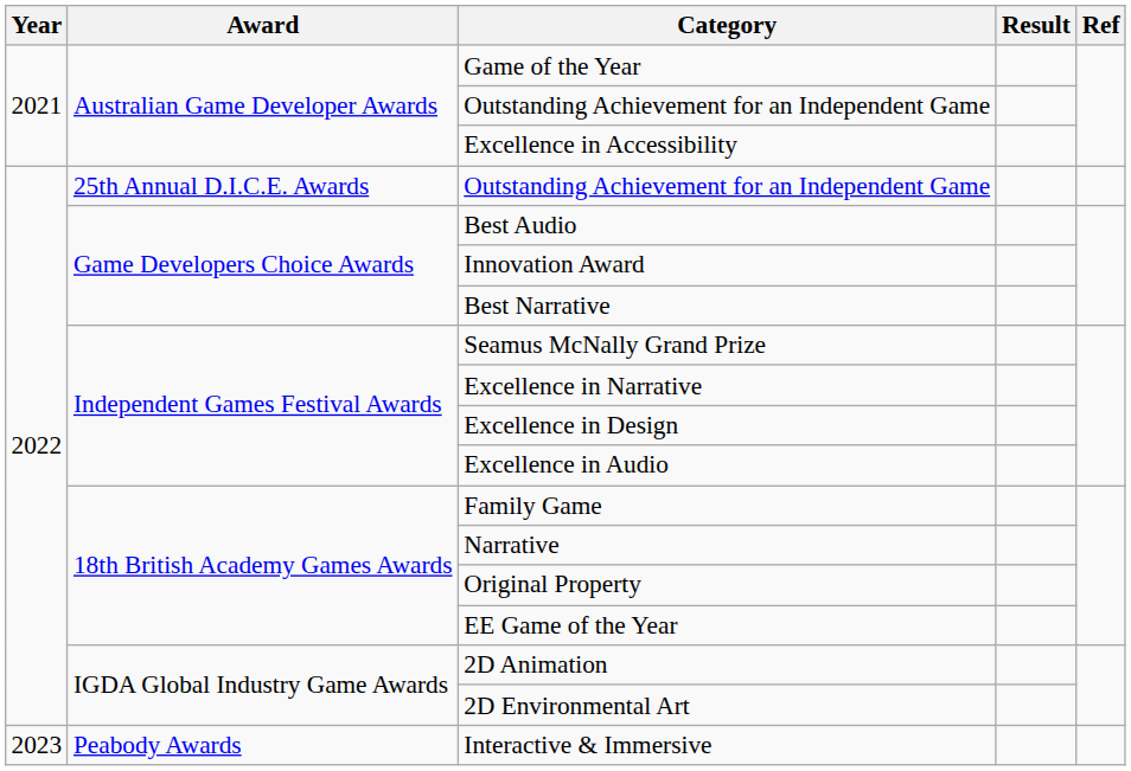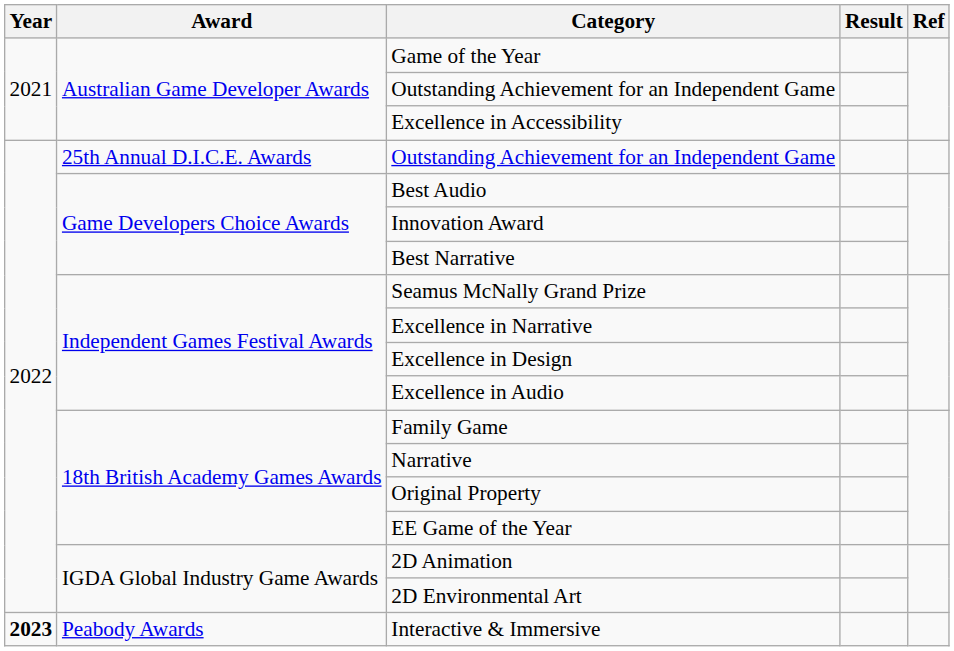 <table class="wikitable sortable">
 <tr>
 <th>Year</th>
 <th>Award</th>
 <th>Category</th>
 <th>Result</th>
 <th>Ref</th>
 </tr>
 <tr>
 <td rowspan="3" style="text-align:center;">2021</td>
 <td rowspan="3"><a href='#'>Australian Game Developer Awards</a></td>
 <td>Game of the Year</td>
 <td></td>
 <td rowspan="3" style="text-align:center;"></td>
 </tr>
 <tr>
 <td>Outstanding Achievement for an Independent Game</td>
 <td></td>
 </tr>
 <tr>
 <td>Excellence in Accessibility</td>
 <td></td>
 </tr>
 <tr>
 <td rowspan="14" style="text-align:center;">2022</td>
 <td><a href='#'>25th Annual D.I.C.E. Awards</a></td>
 <td><a href='#'>Outstanding Achievement for an Independent Game</a></td>
 <td></td>
 <td style="text-align:center;"></td>
 </tr>
 <tr>
 <td rowspan="3"><a href='#'>Game Developers Choice Awards</a></td>
 <td>Best Audio</td>
 <td></td>
 <td rowspan="3" style="text-align:center;"></td>
 </tr>
 <tr>
 <td>Innovation Award</td>
 <td></td>
 </tr>
 <tr>
 <td>Best Narrative</td>
 <td></td>
 </tr>
 <tr>
 <td rowspan="4"><a href='#'>Independent Games Festival Awards</a></td>
 <td>Seamus McNally Grand Prize</td>
 <td></td>
 <td rowspan="4" style="text-align:center;"></td>
 </tr>
 <tr>
 <td>Excellence in Narrative</td>
 <td></td>
 </tr>
 <tr>
 <td>Excellence in Design</td>
 <td></td>
 </tr>
 <tr>
 <td>Excellence in Audio</td>
 <td></td>
 </tr>
 <tr>
 <td rowspan="4"><a href='#'>18th British Academy Games Awards</a></td>
 <td>Family Game</td>
 <td></td>
 <td rowspan="4" style="text-align:center;"></td>
 </tr>
 <tr>
 <td>Narrative</td>
 <td></td>
 </tr>
 <tr>
 <td>Original Property</td>
 <td></td>
 </tr>
 <tr>
 <td>EE Game of the Year</td>
 <td></td>
 </tr>
 <tr>
 <td rowspan="2">IGDA Global Industry Game Awards</td>
 <td>2D Animation</td>
 <td></td>
 <td rowspan="2" style="text-align:center;"></td>
 </tr>
 <tr>
 <td>2D Environmental Art</td>
 <td></td>
 </tr>
 <tr>
-<td style="text-align:center;">2023</td>
+<td style="text-align:center;"><strong>2023</strong></td>
 <td><a href='#'>Peabody Awards</a></td>
 <td>Interactive & Immersive</td>
 <td></td>
 <td style="text-align:center;"></td>
 </tr>
 </table>
